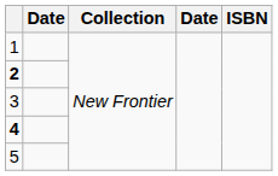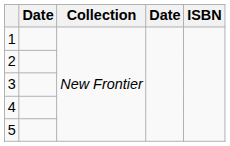 <table class="wikitable">
 <tr>
 <th></th>
 <th>Date</th>
 <th>Collection</th>
 <th>Date</th>
 <th>ISBN</th>
 </tr>
 <tr>
 <td>1</td>
 <td></td>
 <td rowspan="5"><em>New Frontier</em></td>
 <td rowspan="5"></td>
 <td rowspan="5"></td>
 </tr>
 <tr>
-<td><strong>2</strong></td>
+<td>2</td>
 <td></td>
 </tr>
 <tr>
 <td>3</td>
 <td></td>
 </tr>
 <tr>
-<td><strong>4</strong></td>
+<td>4</td>
 <td></td>
 </tr>
 <tr>
 <td>5</td>
 <td></td>
 </tr>
 </table>
